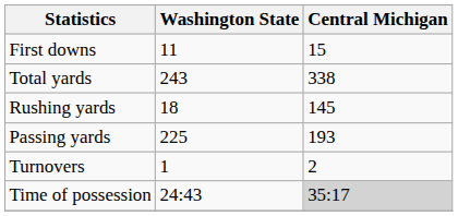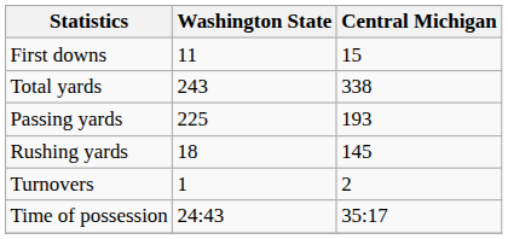 <table class="wikitable">
 <tr>
 <th>Statistics</th>
 <th>Washington State</th>
 <th>Central Michigan</th>
 </tr>
 <tr>
 <td>First downs</td>
 <td>11</td>
 <td>15</td>
 </tr>
 <tr>
 <td>Total yards</td>
 <td>243</td>
 <td>338</td>
 </tr>
 <tr>
+<td>Passing yards</td>
+<td>225</td>
+<td>193</td>
+</tr>
+<tr>
 <td>Rushing yards</td>
 <td>18</td>
 <td>145</td>
-</tr>
-<tr>
-<td>Passing yards</td>
-<td>225</td>
-<td>193</td>
 </tr>
 <tr>
 <td>Turnovers</td>
 <td>1</td>
 <td>2</td>
 </tr>
 <tr>
 <td>Time of possession</td>
 <td>24:43</td>
-<td style="background: lightgrey;">35:17</td>
+<td>35:17</td>
 </tr>
 <tr>
 </tr>
 </table>
